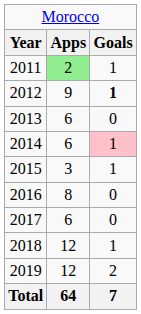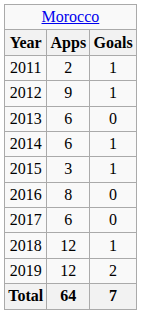 <table class="wikitable" style="text-align:center">
 <tr>
 <td colspan="3"><a href='#'>Morocco</a></td>
 </tr>
 <tr>
 <th>Year</th>
 <th>Apps</th>
 <th>Goals</th>
 </tr>
 <tr>
 <td>2011</td>
-<td style="background: lightgreen;">2</td>
+<td>2</td>
 <td>1</td>
 </tr>
 <tr>
 <td>2012</td>
 <td>9</td>
-<td><strong>1</strong></td>
+<td>1</td>
 </tr>
 <tr>
 <td>2013</td>
 <td>6</td>
 <td>0</td>
 </tr>
 <tr>
 <td>2014</td>
 <td>6</td>
-<td style="background: pink;">1</td>
+<td>1</td>
 </tr>
 <tr>
 <td>2015</td>
 <td>3</td>
 <td>1</td>
 </tr>
 <tr>
 <td>2016</td>
 <td>8</td>
 <td>0</td>
 </tr>
 <tr>
 <td>2017</td>
 <td>6</td>
 <td>0</td>
 </tr>
 <tr>
 <td>2018</td>
 <td>12</td>
 <td>1</td>
 </tr>
 <tr>
 <td>2019</td>
 <td>12</td>
 <td>2</td>
 </tr>
 <tr>
 <th>Total</th>
 <th>64</th>
 <th>7</th>
 </tr>
 </table>
